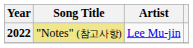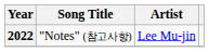 <table class="wikitable plainrowheaders">
 <tr>
 <th scope="col">Year</th>
 <th scope="col">Song Title</th>
 <th scope="col">Artist</th>
 <th scope="col" class="unsortable"></th>
 </tr>
 <tr>
 <th scope="row">2022</th>
-<td style="background: khaki;">"Notes" <small>(참고사항)</small></td>
+<td>"Notes" <small>(참고사항)</small></td>
 <td><a href='#'>Lee Mu-jin</a></td>
 <td></td>
 </tr>
 <tr>
 </tr>
 </table>
